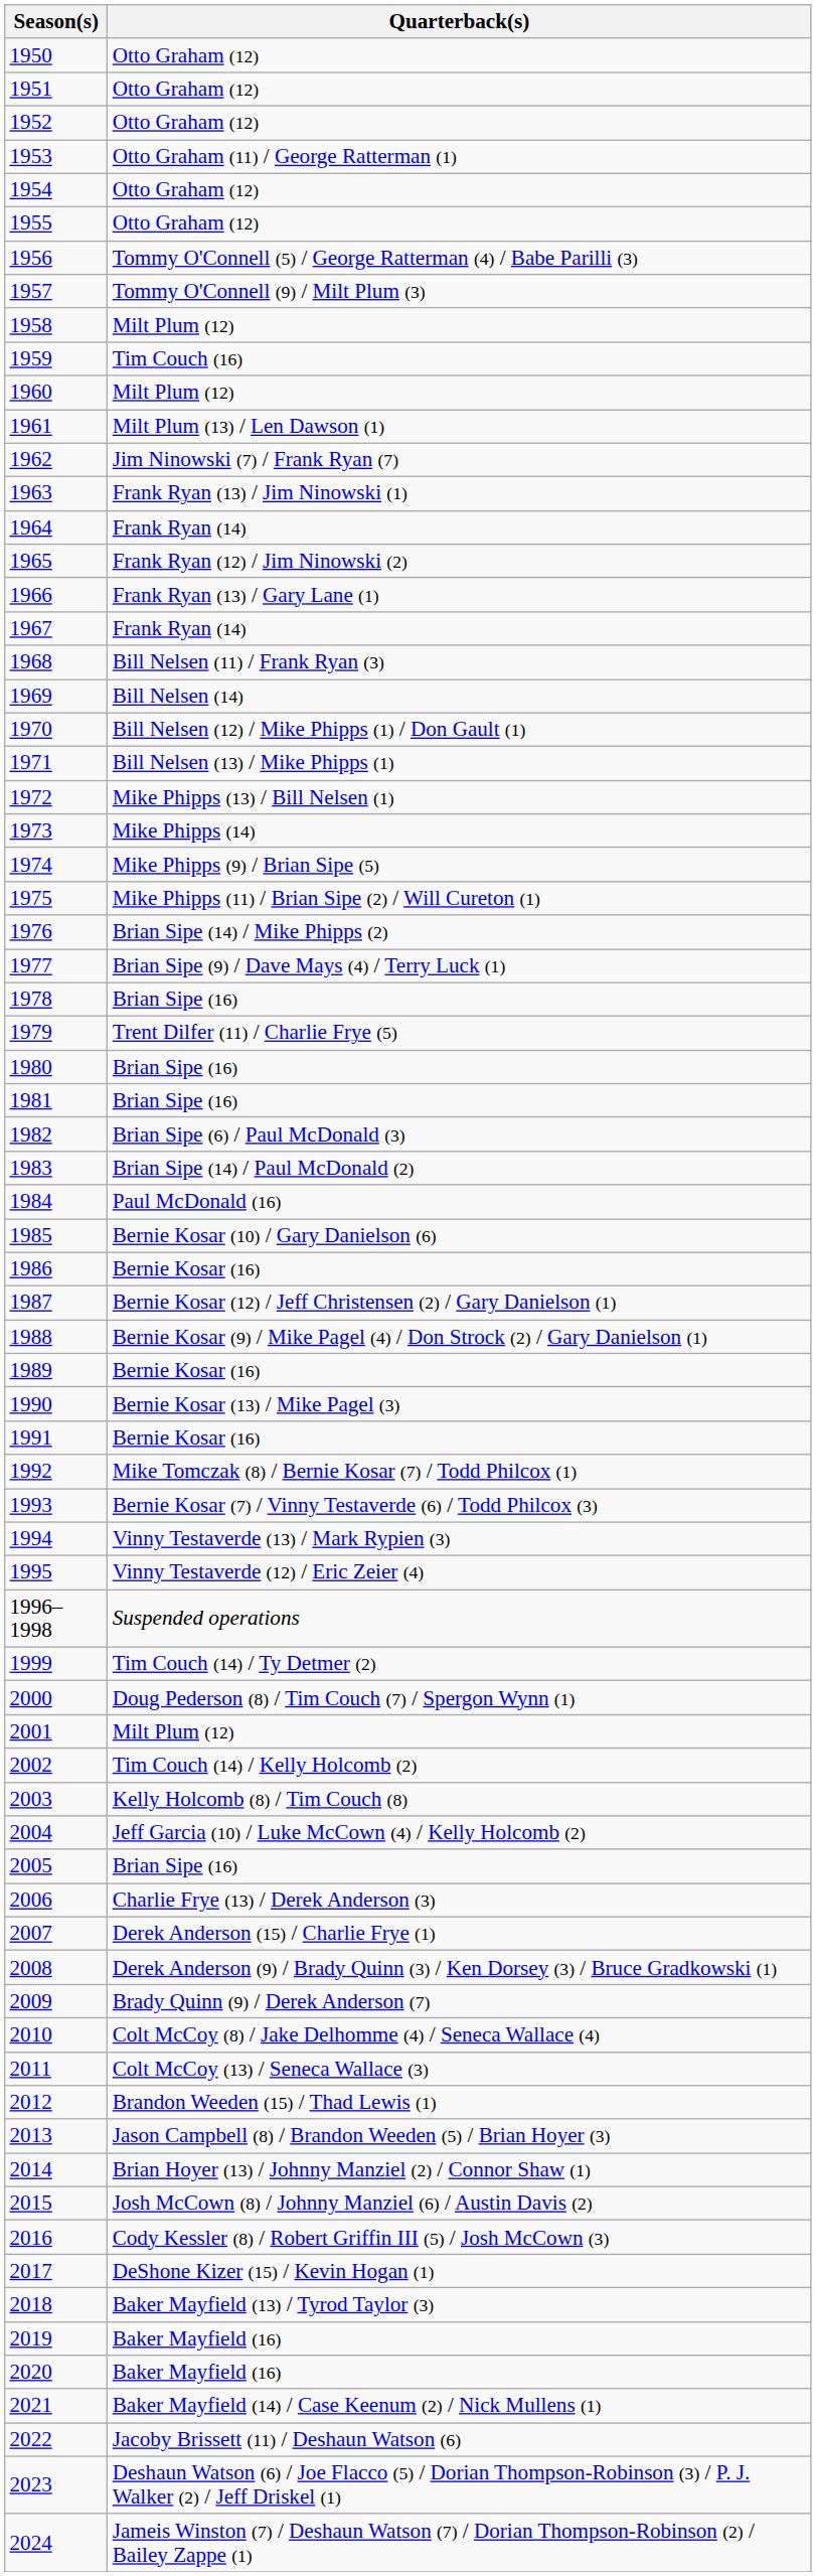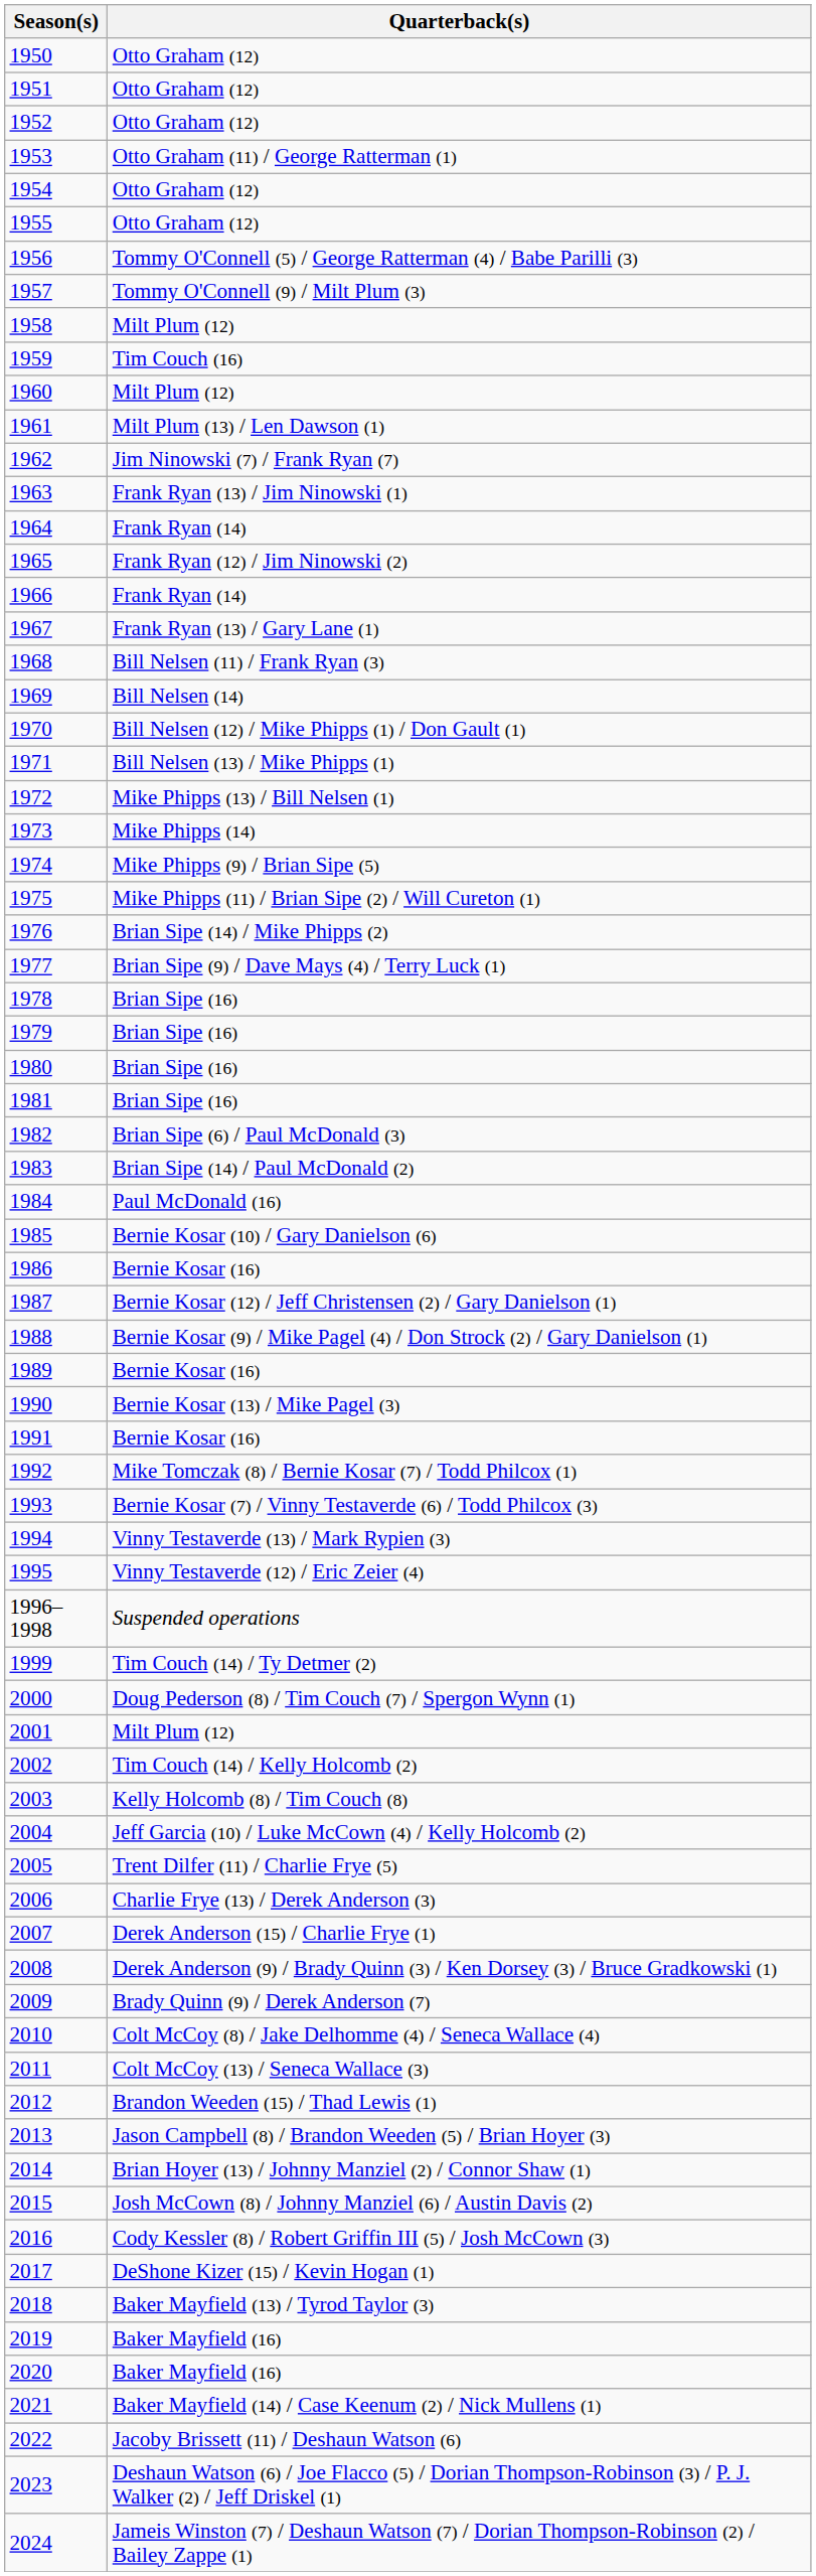 <table class="wikitable sortable">
 <tr>
 <th>Season(s)</th>
 <th>Quarterback(s)</th>
 </tr>
 <tr>
 <td><a href='#'>1950</a></td>
 <td><a href='#'>Otto Graham</a> <small>(12)</small></td>
 </tr>
 <tr>
 <td><a href='#'>1951</a></td>
 <td><a href='#'>Otto Graham</a> <small>(12)</small></td>
 </tr>
 <tr>
 <td><a href='#'>1952</a></td>
 <td><a href='#'>Otto Graham</a> <small>(12)</small></td>
 </tr>
 <tr>
 <td><a href='#'>1953</a></td>
 <td><a href='#'>Otto Graham</a> <small>(11)</small> / <a href='#'>George Ratterman</a> <small>(1)</small></td>
 </tr>
 <tr>
 <td><a href='#'>1954</a></td>
 <td><a href='#'>Otto Graham</a> <small>(12)</small></td>
 </tr>
 <tr>
 <td><a href='#'>1955</a></td>
 <td><a href='#'>Otto Graham</a> <small>(12)</small></td>
 </tr>
 <tr>
 <td><a href='#'>1956</a></td>
 <td><a href='#'>Tommy O'Connell</a> <small>(5)</small> / <a href='#'>George Ratterman</a> <small>(4)</small> / <a href='#'>Babe Parilli</a> <small>(3)</small></td>
 </tr>
 <tr>
 <td><a href='#'>1957</a></td>
 <td><a href='#'>Tommy O'Connell</a> <small>(9)</small> / <a href='#'>Milt Plum</a> <small>(3)</small></td>
 </tr>
 <tr>
 <td><a href='#'>1958</a></td>
 <td><a href='#'>Milt Plum</a> <small>(12)</small></td>
 </tr>
 <tr>
 <td><a href='#'>1959</a></td>
 <td><a href='#'>Tim Couch</a> <small>(16)</small></td>
 </tr>
 <tr>
 <td><a href='#'>1960</a></td>
 <td><a href='#'>Milt Plum</a> <small>(12)</small></td>
 </tr>
 <tr>
 <td><a href='#'>1961</a></td>
 <td><a href='#'>Milt Plum</a> <small>(13)</small> / <a href='#'>Len Dawson</a> <small>(1)</small></td>
 </tr>
 <tr>
 <td><a href='#'>1962</a></td>
 <td><a href='#'>Jim Ninowski</a> <small>(7)</small> / <a href='#'>Frank Ryan</a> <small>(7)</small></td>
 </tr>
 <tr>
 <td><a href='#'>1963</a></td>
 <td><a href='#'>Frank Ryan</a> <small>(13)</small> / <a href='#'>Jim Ninowski</a> <small>(1)</small></td>
 </tr>
 <tr>
 <td><a href='#'>1964</a></td>
 <td><a href='#'>Frank Ryan</a> <small>(14)</small></td>
 </tr>
 <tr>
 <td><a href='#'>1965</a></td>
 <td><a href='#'>Frank Ryan</a> <small>(12)</small> / <a href='#'>Jim Ninowski</a> <small>(2)</small></td>
 </tr>
 <tr>
 <td><a href='#'>1966</a></td>
-<td><a href='#'>Frank Ryan</a> <small>(13)</small> / <a href='#'>Gary Lane</a> <small>(1)</small></td>
+<td><a href='#'>Frank Ryan</a> <small>(14)</small></td>
 </tr>
 <tr>
 <td><a href='#'>1967</a></td>
-<td><a href='#'>Frank Ryan</a> <small>(14)</small></td>
+<td><a href='#'>Frank Ryan</a> <small>(13)</small> / <a href='#'>Gary Lane</a> <small>(1)</small></td>
 </tr>
 <tr>
 <td><a href='#'>1968</a></td>
 <td><a href='#'>Bill Nelsen</a> <small>(11)</small> / <a href='#'>Frank Ryan</a> <small>(3)</small></td>
 </tr>
 <tr>
 <td><a href='#'>1969</a></td>
 <td><a href='#'>Bill Nelsen</a> <small>(14)</small></td>
 </tr>
 <tr>
 <td><a href='#'>1970</a></td>
 <td><a href='#'>Bill Nelsen</a> <small>(12)</small> / <a href='#'>Mike Phipps</a> <small>(1)</small> / <a href='#'>Don Gault</a> <small>(1)</small></td>
 </tr>
 <tr>
 <td><a href='#'>1971</a></td>
 <td><a href='#'>Bill Nelsen</a> <small>(13)</small> / <a href='#'>Mike Phipps</a> <small>(1)</small></td>
 </tr>
 <tr>
 <td><a href='#'>1972</a></td>
 <td><a href='#'>Mike Phipps</a> <small>(13)</small> / <a href='#'>Bill Nelsen</a> <small>(1)</small></td>
 </tr>
 <tr>
 <td><a href='#'>1973</a></td>
 <td><a href='#'>Mike Phipps</a> <small>(14)</small></td>
 </tr>
 <tr>
 <td><a href='#'>1974</a></td>
 <td><a href='#'>Mike Phipps</a> <small>(9)</small> / <a href='#'>Brian Sipe</a> <small>(5)</small></td>
 </tr>
 <tr>
 <td><a href='#'>1975</a></td>
 <td><a href='#'>Mike Phipps</a> <small>(11)</small> / <a href='#'>Brian Sipe</a> <small>(2)</small> / <a href='#'>Will Cureton</a> <small>(1)</small></td>
 </tr>
 <tr>
 <td><a href='#'>1976</a></td>
 <td><a href='#'>Brian Sipe</a> <small>(14)</small> / <a href='#'>Mike Phipps</a> <small>(2)</small></td>
 </tr>
 <tr>
 <td><a href='#'>1977</a></td>
 <td><a href='#'>Brian Sipe</a> <small>(9)</small> / <a href='#'>Dave Mays</a> <small>(4)</small> / <a href='#'>Terry Luck</a> <small>(1)</small></td>
 </tr>
 <tr>
 <td><a href='#'>1978</a></td>
 <td><a href='#'>Brian Sipe</a> <small>(16)</small></td>
 </tr>
 <tr>
 <td><a href='#'>1979</a></td>
-<td><a href='#'>Trent Dilfer</a> <small>(11)</small> / <a href='#'>Charlie Frye</a> <small>(5)</small></td>
+<td><a href='#'>Brian Sipe</a> <small>(16)</small></td>
 </tr>
 <tr>
 <td><a href='#'>1980</a></td>
 <td><a href='#'>Brian Sipe</a> <small>(16)</small></td>
 </tr>
 <tr>
 <td><a href='#'>1981</a></td>
 <td><a href='#'>Brian Sipe</a> <small>(16)</small></td>
 </tr>
 <tr>
 <td><a href='#'>1982</a></td>
 <td><a href='#'>Brian Sipe</a> <small>(6)</small> / <a href='#'>Paul McDonald</a> <small>(3)</small></td>
 </tr>
 <tr>
 <td><a href='#'>1983</a></td>
 <td><a href='#'>Brian Sipe</a> <small>(14)</small> / <a href='#'>Paul McDonald</a> <small>(2)</small></td>
 </tr>
 <tr>
 <td><a href='#'>1984</a></td>
 <td><a href='#'>Paul McDonald</a> <small>(16)</small></td>
 </tr>
 <tr>
 <td><a href='#'>1985</a></td>
 <td><a href='#'>Bernie Kosar</a> <small>(10)</small> / <a href='#'>Gary Danielson</a> <small>(6)</small></td>
 </tr>
 <tr>
 <td><a href='#'>1986</a></td>
 <td><a href='#'>Bernie Kosar</a> <small>(16)</small></td>
 </tr>
 <tr>
 <td><a href='#'>1987</a></td>
 <td><a href='#'>Bernie Kosar</a> <small>(12)</small> / <a href='#'>Jeff Christensen</a> <small>(2)</small> / <a href='#'>Gary Danielson</a> <small>(1)</small></td>
 </tr>
 <tr>
 <td><a href='#'>1988</a></td>
 <td><a href='#'>Bernie Kosar</a> <small>(9)</small> / <a href='#'>Mike Pagel</a> <small>(4)</small> / <a href='#'>Don Strock</a> <small>(2)</small> / <a href='#'>Gary Danielson</a> <small>(1)</small></td>
 </tr>
 <tr>
 <td><a href='#'>1989</a></td>
 <td><a href='#'>Bernie Kosar</a> <small>(16)</small></td>
 </tr>
 <tr>
 <td><a href='#'>1990</a></td>
 <td><a href='#'>Bernie Kosar</a> <small>(13)</small> / <a href='#'>Mike Pagel</a> <small>(3)</small></td>
 </tr>
 <tr>
 <td><a href='#'>1991</a></td>
 <td><a href='#'>Bernie Kosar</a> <small>(16)</small></td>
 </tr>
 <tr>
 <td><a href='#'>1992</a></td>
 <td><a href='#'>Mike Tomczak</a> <small>(8)</small> / <a href='#'>Bernie Kosar</a> <small>(7)</small> / <a href='#'>Todd Philcox</a> <small>(1)</small></td>
 </tr>
 <tr>
 <td><a href='#'>1993</a></td>
 <td><a href='#'>Bernie Kosar</a> <small>(7)</small> / <a href='#'>Vinny Testaverde</a> <small>(6)</small> / <a href='#'>Todd Philcox</a> <small>(3)</small></td>
 </tr>
 <tr>
 <td><a href='#'>1994</a></td>
 <td><a href='#'>Vinny Testaverde</a> <small>(13)</small> / <a href='#'>Mark Rypien</a> <small>(3)</small></td>
 </tr>
 <tr>
 <td><a href='#'>1995</a></td>
 <td><a href='#'>Vinny Testaverde</a> <small>(12)</small> / <a href='#'>Eric Zeier</a> <small>(4)</small></td>
 </tr>
 <tr>
 <td>1996–1998</td>
 <td><em>Suspended operations</em></td>
 </tr>
 <tr>
 <td><a href='#'>1999</a></td>
 <td><a href='#'>Tim Couch</a> <small>(14)</small> / <a href='#'>Ty Detmer</a> <small>(2)</small></td>
 </tr>
 <tr>
 <td><a href='#'>2000</a></td>
 <td><a href='#'>Doug Pederson</a> <small>(8)</small> / <a href='#'>Tim Couch</a> <small>(7)</small> / <a href='#'>Spergon Wynn</a> <small>(1)</small></td>
 </tr>
 <tr>
 <td><a href='#'>2001</a></td>
 <td><a href='#'>Milt Plum</a> <small>(12)</small></td>
 </tr>
 <tr>
 <td><a href='#'>2002</a></td>
 <td><a href='#'>Tim Couch</a> <small>(14)</small> / <a href='#'>Kelly Holcomb</a> <small>(2)</small></td>
 </tr>
 <tr>
 <td><a href='#'>2003</a></td>
 <td><a href='#'>Kelly Holcomb</a> <small>(8)</small> / <a href='#'>Tim Couch</a> <small>(8)</small></td>
 </tr>
 <tr>
 <td><a href='#'>2004</a></td>
 <td><a href='#'>Jeff Garcia</a> <small>(10)</small> / <a href='#'>Luke McCown</a> <small>(4)</small> / <a href='#'>Kelly Holcomb</a> <small>(2)</small></td>
 </tr>
 <tr>
 <td><a href='#'>2005</a></td>
-<td><a href='#'>Brian Sipe</a> <small>(16)</small></td>
+<td><a href='#'>Trent Dilfer</a> <small>(11)</small> / <a href='#'>Charlie Frye</a> <small>(5)</small></td>
 </tr>
 <tr>
 <td><a href='#'>2006</a></td>
 <td><a href='#'>Charlie Frye</a> <small>(13)</small> / <a href='#'>Derek Anderson</a> <small>(3)</small></td>
 </tr>
 <tr>
 <td><a href='#'>2007</a></td>
 <td><a href='#'>Derek Anderson</a> <small>(15)</small> / <a href='#'>Charlie Frye</a> <small>(1)</small></td>
 </tr>
 <tr>
 <td><a href='#'>2008</a></td>
 <td><a href='#'>Derek Anderson</a> <small>(9)</small> / <a href='#'>Brady Quinn</a> <small>(3)</small> / <a href='#'>Ken Dorsey</a> <small>(3)</small> / <a href='#'>Bruce Gradkowski</a> <small>(1)</small></td>
 </tr>
 <tr>
 <td><a href='#'>2009</a></td>
 <td><a href='#'>Brady Quinn</a> <small>(9)</small> / <a href='#'>Derek Anderson</a> <small>(7)</small></td>
 </tr>
 <tr>
 <td><a href='#'>2010</a></td>
 <td><a href='#'>Colt McCoy</a> <small>(8)</small> / <a href='#'>Jake Delhomme</a> <small>(4)</small> / <a href='#'>Seneca Wallace</a> <small>(4)</small></td>
 </tr>
 <tr>
 <td><a href='#'>2011</a></td>
 <td><a href='#'>Colt McCoy</a> <small>(13)</small> / <a href='#'>Seneca Wallace</a> <small>(3)</small></td>
 </tr>
 <tr>
 <td><a href='#'>2012</a></td>
 <td><a href='#'>Brandon Weeden</a> <small>(15)</small> / <a href='#'>Thad Lewis</a> <small>(1)</small></td>
 </tr>
 <tr>
 <td><a href='#'>2013</a></td>
 <td><a href='#'>Jason Campbell</a> <small>(8)</small> / <a href='#'>Brandon Weeden</a> <small>(5)</small> / <a href='#'>Brian Hoyer</a> <small>(3)</small></td>
 </tr>
 <tr>
 <td><a href='#'>2014</a></td>
 <td><a href='#'>Brian Hoyer</a> <small>(13)</small> / <a href='#'>Johnny Manziel</a> <small>(2)</small> / <a href='#'>Connor Shaw</a> <small>(1)</small></td>
 </tr>
 <tr>
 <td><a href='#'>2015</a></td>
 <td><a href='#'>Josh McCown</a> <small>(8)</small> / <a href='#'>Johnny Manziel</a> <small>(6)</small> / <a href='#'>Austin Davis</a> <small>(2)</small></td>
 </tr>
 <tr>
 <td><a href='#'>2016</a></td>
 <td><a href='#'>Cody Kessler</a> <small>(8)</small> / <a href='#'>Robert Griffin III</a> <small>(5)</small> / <a href='#'>Josh McCown</a> <small>(3)</small></td>
 </tr>
 <tr>
 <td><a href='#'>2017</a></td>
 <td><a href='#'>DeShone Kizer</a> <small>(15)</small> / <a href='#'>Kevin Hogan</a> <small>(1)</small></td>
 </tr>
 <tr>
 <td><a href='#'>2018</a></td>
 <td><a href='#'>Baker Mayfield</a> <small>(13)</small> / <a href='#'>Tyrod Taylor</a> <small>(3)</small></td>
 </tr>
 <tr>
 <td><a href='#'>2019</a></td>
 <td><a href='#'>Baker Mayfield</a> <small>(16)</small></td>
 </tr>
 <tr>
 <td><a href='#'>2020</a></td>
 <td><a href='#'>Baker Mayfield</a> <small>(16)</small></td>
 </tr>
 <tr>
 <td><a href='#'>2021</a></td>
 <td><a href='#'>Baker Mayfield</a> <small>(14)</small> / <a href='#'>Case Keenum</a> <small>(2)</small> / <a href='#'>Nick Mullens</a> <small>(1)</small></td>
 </tr>
 <tr>
 <td><a href='#'>2022</a></td>
 <td><a href='#'>Jacoby Brissett</a> <small>(11)</small> / <a href='#'>Deshaun Watson</a> <small>(6)</small></td>
 </tr>
 <tr>
 <td><a href='#'>2023</a></td>
 <td><a href='#'>Deshaun Watson</a> <small>(6)</small> / <a href='#'>Joe Flacco</a> <small>(5)</small> / <a href='#'>Dorian Thompson-Robinson</a> <small>(3)</small> / <a href='#'>P. J. Walker</a> <small>(2)</small> / <a href='#'>Jeff Driskel</a> <small>(1)</small></td>
 </tr>
 <tr>
 <td><a href='#'>2024</a></td>
 <td><a href='#'>Jameis Winston</a> <small>(7)</small> / <a href='#'>Deshaun Watson</a> <small>(7)</small> / <a href='#'>Dorian Thompson-Robinson</a> <small>(2)</small> / <a href='#'>Bailey Zappe</a> <small>(1)</small></td>
 </tr>
 </table>
